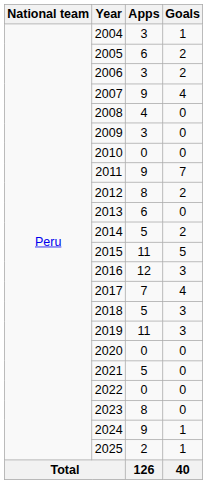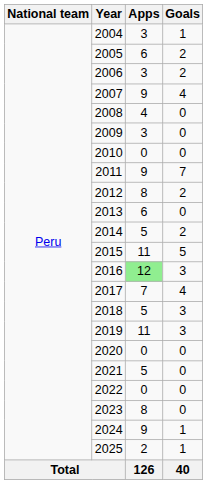 <table class="wikitable" style="text-align:center">
 <tr>
 <th>National team</th>
 <th>Year</th>
 <th>Apps</th>
 <th>Goals</th>
 </tr>
 <tr>
 <td rowspan=22><a href='#'>Peru</a></td>
 <td>2004</td>
 <td>3</td>
 <td>1</td>
 </tr>
 <tr>
 <td>2005</td>
 <td>6</td>
 <td>2</td>
 </tr>
 <tr>
 <td>2006</td>
 <td>3</td>
 <td>2</td>
 </tr>
 <tr>
 <td>2007</td>
 <td>9</td>
 <td>4</td>
 </tr>
 <tr>
 <td>2008</td>
 <td>4</td>
 <td>0</td>
 </tr>
 <tr>
 <td>2009</td>
 <td>3</td>
 <td>0</td>
 </tr>
 <tr>
 <td>2010</td>
 <td>0</td>
 <td>0</td>
 </tr>
 <tr>
 <td>2011</td>
 <td>9</td>
 <td>7</td>
 </tr>
 <tr>
 <td>2012</td>
 <td>8</td>
 <td>2</td>
 </tr>
 <tr>
 <td>2013</td>
 <td>6</td>
 <td>0</td>
 </tr>
 <tr>
 <td>2014</td>
 <td>5</td>
 <td>2</td>
 </tr>
 <tr>
 <td>2015</td>
 <td>11</td>
 <td>5</td>
 </tr>
 <tr>
 <td>2016</td>
-<td>12</td>
+<td style="background: lightgreen;">12</td>
 <td>3</td>
 </tr>
 <tr>
 <td>2017</td>
 <td>7</td>
 <td>4</td>
 </tr>
 <tr>
 <td>2018</td>
 <td>5</td>
 <td>3</td>
 </tr>
 <tr>
 <td>2019</td>
 <td>11</td>
 <td>3</td>
 </tr>
 <tr>
 <td>2020</td>
 <td>0</td>
 <td>0</td>
 </tr>
 <tr>
 <td>2021</td>
 <td>5</td>
 <td>0</td>
 </tr>
 <tr>
 <td>2022</td>
 <td>0</td>
 <td>0</td>
 </tr>
 <tr>
 <td>2023</td>
 <td>8</td>
 <td>0</td>
 </tr>
 <tr>
 <td>2024</td>
 <td>9</td>
 <td>1</td>
 </tr>
 <tr>
 <td>2025</td>
 <td>2</td>
 <td>1</td>
 </tr>
 <tr>
 <th colspan=2>Total</th>
 <th>126</th>
 <th>40</th>
 </tr>
 </table>
